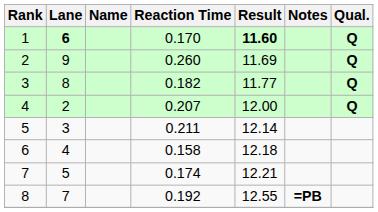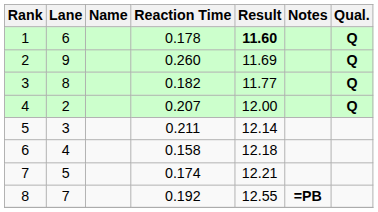 <table class="wikitable" style="text-align:center">
 <tr>
 <th>Rank</th>
 <th>Lane</th>
 <th>Name</th>
 <th>Reaction Time</th>
 <th>Result</th>
 <th>Notes</th>
 <th>Qual.</th>
 </tr>
 <tr bgcolor=ccffcc>
 <td>1</td>
-<td><strong>6</strong></td>
+<td>6</td>
 <td align="left"></td>
-<td>0.170</td>
+<td>0.178</td>
 <td><strong>11.60</strong></td>
 <td></td>
 <td><strong>Q</strong></td>
 </tr>
 <tr bgcolor=ccffcc>
 <td>2</td>
 <td>9</td>
 <td align="left"></td>
 <td>0.260</td>
 <td>11.69</td>
 <td></td>
 <td><strong>Q</strong></td>
 </tr>
 <tr bgcolor=ccffcc>
 <td>3</td>
 <td>8</td>
 <td align="left"></td>
 <td>0.182</td>
 <td>11.77</td>
 <td></td>
 <td><strong>Q</strong></td>
 </tr>
 <tr bgcolor=ccffcc>
 <td>4</td>
 <td>2</td>
 <td align="left"></td>
 <td>0.207</td>
 <td>12.00</td>
 <td></td>
 <td><strong>Q</strong></td>
 </tr>
 <tr>
 <td>5</td>
 <td>3</td>
 <td align="left"></td>
 <td>0.211</td>
 <td>12.14</td>
 <td></td>
 <td></td>
 </tr>
 <tr>
 <td>6</td>
 <td>4</td>
 <td align="left"></td>
 <td>0.158</td>
 <td>12.18</td>
 <td></td>
 <td></td>
 </tr>
 <tr>
 <td>7</td>
 <td>5</td>
 <td align="left"></td>
 <td>0.174</td>
 <td>12.21</td>
 <td></td>
 <td></td>
 </tr>
 <tr>
 <td>8</td>
 <td>7</td>
 <td align="left"></td>
 <td>0.192</td>
 <td>12.55</td>
 <td><strong>=PB</strong></td>
 <td></td>
 </tr>
 <tr>
 </tr>
 </table>
